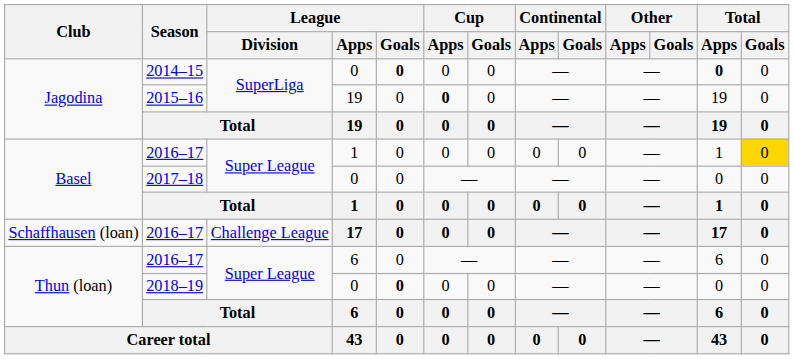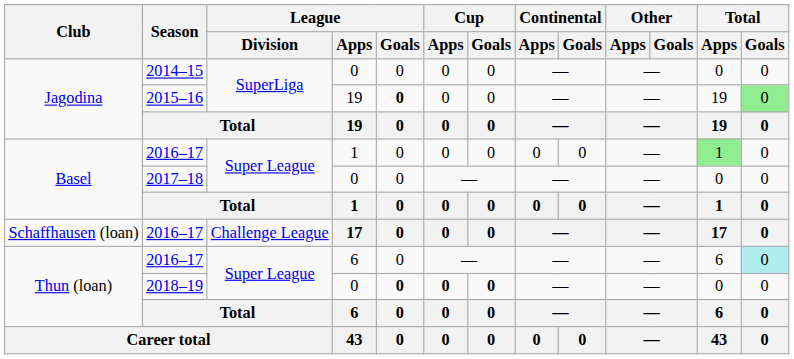 <table class="wikitable" style="text-align: center;font-size:90%">
 <tr>
 <th rowspan="2">Club</th>
 <th rowspan="2">Season</th>
 <th colspan="3">League</th>
 <th colspan="2">Cup</th>
 <th colspan="2">Continental</th>
 <th colspan="2">Other</th>
 <th colspan="2">Total</th>
 </tr>
 <tr>
 <th>Division</th>
 <th>Apps</th>
 <th>Goals</th>
 <th>Apps</th>
 <th>Goals</th>
 <th>Apps</th>
 <th>Goals</th>
 <th>Apps</th>
 <th>Goals</th>
 <th>Apps</th>
 <th>Goals</th>
 </tr>
 <tr>
 <td rowspan="3" valign="center"><a href='#'>Jagodina</a></td>
 <td><a href='#'>2014–15</a></td>
 <td rowspan=2><a href='#'>SuperLiga</a></td>
 <td>0</td>
+<td>0</td>
+<td>0</td>
+<td>0</td>
+<td colspan="2">—</td>
+<td colspan="2">—</td>
+<td>0</td>
+<td>0</td>
+</tr>
+<tr>
+<td><a href='#'>2015–16</a></td>
+<td>19</td>
 <td><strong>0</strong></td>
 <td>0</td>
 <td>0</td>
 <td colspan="2">—</td>
 <td colspan="2">—</td>
-<td><strong>0</strong></td>
-<td>0</td>
-</tr>
-<tr>
-<td><a href='#'>2015–16</a></td>
 <td>19</td>
-<td>0</td>
-<td><strong>0</strong></td>
-<td>0</td>
-<td colspan="2">—</td>
-<td colspan="2">—</td>
-<td>19</td>
-<td>0</td>
+<td style="background: lightgreen;">0</td>
 </tr>
 <tr>
 <th colspan="2">Total</th>
 <th>19</th>
 <th>0</th>
 <th>0</th>
 <th>0</th>
 <th colspan="2">—</th>
 <th colspan="2">—</th>
 <th>19</th>
 <th>0</th>
 </tr>
 <tr>
 <td rowspan="3" valign="center"><a href='#'>Basel</a></td>
 <td><a href='#'>2016–17</a></td>
 <td rowspan=2><a href='#'>Super League</a></td>
 <td>1</td>
 <td>0</td>
 <td>0</td>
 <td>0</td>
 <td>0</td>
 <td>0</td>
 <td colspan="2">—</td>
-<td>1</td>
-<td style="background: gold;">0</td>
+<td style="background: lightgreen;">1</td>
+<td>0</td>
 </tr>
 <tr>
 <td><a href='#'>2017–18</a></td>
 <td>0</td>
 <td>0</td>
 <td colspan="2">—</td>
 <td colspan="2">—</td>
 <td colspan="2">—</td>
 <td>0</td>
 <td>0</td>
 </tr>
 <tr>
 <th colspan="2">Total</th>
 <th>1</th>
 <th>0</th>
 <th>0</th>
 <th>0</th>
 <th>0</th>
 <th>0</th>
 <th colspan="2">—</th>
 <th>1</th>
 <th>0</th>
 </tr>
 <tr>
 <td><a href='#'>Schaffhausen</a> (loan)</td>
 <td><a href='#'>2016–17</a></td>
 <td><a href='#'>Challenge League</a></td>
 <th>17</th>
 <th>0</th>
 <th>0</th>
 <th>0</th>
 <th colspan="2">—</th>
 <th colspan="2">—</th>
 <th>17</th>
 <th>0</th>
 </tr>
 <tr>
 <td rowspan="3" valign="center"><a href='#'>Thun</a> (loan)</td>
 <td><a href='#'>2016–17</a></td>
 <td rowspan=2><a href='#'>Super League</a></td>
 <td>6</td>
 <td>0</td>
 <td colspan="2">—</td>
 <td colspan="2">—</td>
 <td colspan="2">—</td>
 <td>6</td>
-<td>0</td>
+<td style="background: paleturquoise;">0</td>
 </tr>
 <tr>
 <td><a href='#'>2018–19</a></td>
 <td>0</td>
 <td><strong>0</strong></td>
-<td>0</td>
-<td>0</td>
+<td><strong>0</strong></td>
+<td><strong>0</strong></td>
 <td colspan="2">—</td>
 <td colspan="2">—</td>
 <td>0</td>
 <td>0</td>
 </tr>
 <tr>
 <th colspan="2">Total</th>
 <th>6</th>
 <th>0</th>
 <th>0</th>
 <th>0</th>
 <th colspan="2">—</th>
 <th colspan="2">—</th>
 <th>6</th>
 <th>0</th>
 </tr>
 <tr>
 <th colspan="3">Career total</th>
 <th>43</th>
 <th>0</th>
 <th>0</th>
 <th>0</th>
 <th>0</th>
 <th>0</th>
 <th colspan="2">—</th>
 <th>43</th>
 <th>0</th>
 </tr>
 </table>
